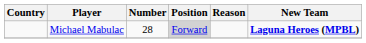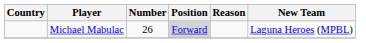 <table class="wikitable sortable sortable">
 <tr>
 <th>Country</th>
 <th>Player</th>
 <th>Number</th>
 <th>Position</th>
 <th>Reason</th>
 <th>New Team</th>
 </tr>
 <tr>
 <td align=center></td>
 <td align=center><a href='#'>Michael Mabulac</a></td>
-<td align=center>28</td>
+<td align=center>26</td>
 <td align=center style="background: lightgrey;"><a href='#'>Forward</a></td>
 <td></td>
-<td align=center><strong><a href='#'>Laguna Heroes</a> (<a href='#'>MPBL</a>)</strong></td>
+<td align=center><a href='#'>Laguna Heroes</a> (<a href='#'>MPBL</a>)</td>
 </tr>
 <tr>
 </tr>
 </table>
